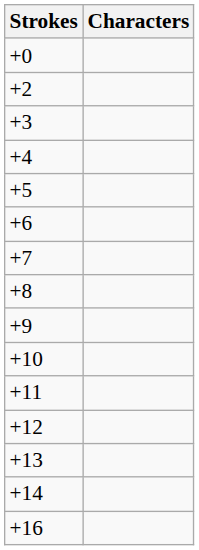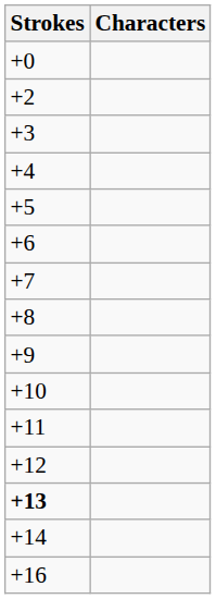 <table class="wikitable">
 <tr>
 <th>Strokes</th>
 <th>Characters</th>
 </tr>
 <tr --->
 <td>+0</td>
 <td style="font-size: large;"></td>
 </tr>
 <tr --->
 <td>+2</td>
 <td style="font-size: large;"></td>
 </tr>
 <tr --->
 <td>+3</td>
 <td style="font-size: large;"> </td>
 </tr>
 <tr --->
 <td>+4</td>
 <td style="font-size: large;">        </td>
 </tr>
 <tr --->
 <td>+5</td>
 <td style="font-size: large;">  </td>
 </tr>
 <tr --->
 <td>+6</td>
 <td style="font-size: large;">  </td>
 </tr>
 <tr --->
 <td>+7</td>
 <td style="font-size: large;">   </td>
 </tr>
 <tr --->
 <td>+8</td>
 <td style="font-size: large;">    </td>
 </tr>
 <tr --->
 <td>+9</td>
 <td style="font-size: large;">    </td>
 </tr>
 <tr --->
 <td>+10</td>
 <td style="font-size: large;">  </td>
 </tr>
 <tr --->
 <td>+11</td>
 <td style="font-size: large;">       </td>
 </tr>
 <tr --->
 <td>+12</td>
 <td style="font-size: large;"></td>
 </tr>
 <tr --->
-<td>+13</td>
+<td><strong>+13</strong></td>
 <td style="font-size: large;">  </td>
 </tr>
 <tr --->
 <td>+14</td>
 <td style="font-size: large;"></td>
 </tr>
 <tr --->
 <td>+16</td>
 <td style="font-size: large;"></td>
 </tr>
 </table>
